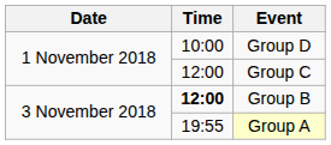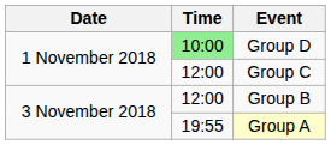 <table class = "wikitable" style="text-align:center;">
 <tr>
 <th width=150>Date</th>
 <th width=50>Time</th>
 <th width=80>Event</th>
 </tr>
 <tr>
 <td rowspan=2>1 November 2018</td>
-<td>10:00</td>
+<td style="background: lightgreen;">10:00</td>
 <td>Group D</td>
 </tr>
 <tr>
 <td>12:00</td>
 <td>Group C</td>
 </tr>
 <tr>
 <td rowspan=2>3 November 2018</td>
-<td><strong>12:00</strong></td>
+<td>12:00</td>
 <td>Group B</td>
 </tr>
 <tr>
 <td>19:55</td>
 <td bgcolor=ffffcc>Group A</td>
 </tr>
 </table>
